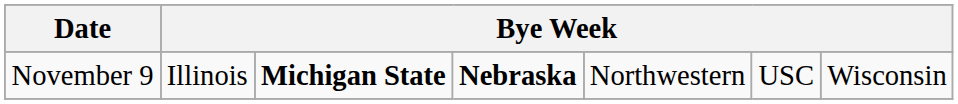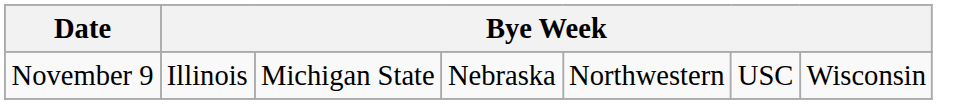 <table class="wikitable" style="font-size:95%;">
 <tr>
 <th>Date</th>
 <th colspan="6">Bye Week</th>
 </tr>
 <tr>
 <td>November 9</td>
 <td>Illinois</td>
-<td><strong>Michigan State</strong></td>
-<td><strong>Nebraska</strong></td>
+<td>Michigan State</td>
+<td>Nebraska</td>
 <td>Northwestern</td>
 <td>USC</td>
 <td>Wisconsin</td>
 </tr>
 </table>
